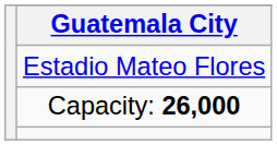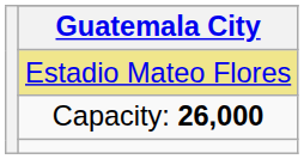 <table class="wikitable" style="text-align:center">
 <tr>
 <th rowspan="8"></th>
 </tr>
 <tr>
 <th><a href='#'>Guatemala City</a></th>
 </tr>
 <tr>
-<td><a href='#'>Estadio Mateo Flores</a></td>
+<td style="background: khaki;"><a href='#'>Estadio Mateo Flores</a></td>
 </tr>
 <tr>
 <td>Capacity: <strong>26,000</strong></td>
 </tr>
 <tr>
 <td></td>
 </tr>
 </table>
